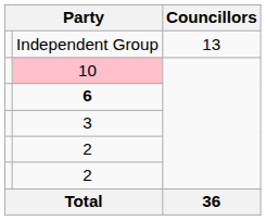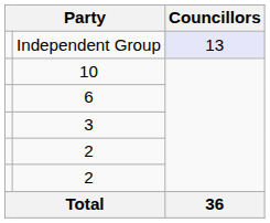 <table class="wikitable">
 <tr>
 <th colspan=2>Party</th>
 <th>Councillors</th>
 </tr>
 <tr>
 <td style="background-color: "></td>
 <td>Independent Group</td>
-<td align=center>13</td>
+<td align=center style="background: lavender;">13</td>
 </tr>
 <tr>
 <td></td>
-<td align=center style="background: pink;">10</td>
+<td align=center>10</td>
 </tr>
 <tr>
 <td></td>
-<td align=center><strong>6</strong></td>
+<td align=center>6</td>
 </tr>
 <tr>
 <td></td>
 <td align=center>3</td>
 </tr>
 <tr>
 <td></td>
 <td align=center>2</td>
 </tr>
 <tr>
 <td></td>
 <td align=center>2</td>
 </tr>
 <tr>
 <th colspan=2>Total</th>
 <th align=center>36</th>
 </tr>
 </table>
